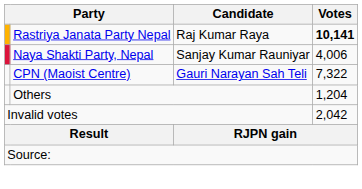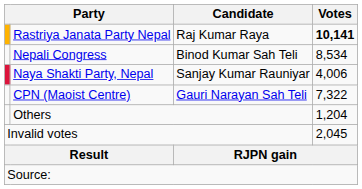 <table class="wikitable">
 <tr>
 <th colspan="2">Party</th>
 <th>Candidate</th>
 <th>Votes</th>
 </tr>
 <tr>
 <td style="background-color:#ffb300"></td>
 <td><a href='#'>Rastriya Janata Party Nepal</a></td>
 <td>Raj Kumar Raya</td>
 <td><strong>10,141</strong></td>
+</tr>
+<tr>
+<td style="background-color:"></td>
+<td><a href='#'>Nepali Congress</a></td>
+<td>Binod Kumar Sah Teli</td>
+<td>8,534</td>
 </tr>
 <tr>
 <td style="background-color:crimson"></td>
 <td><a href='#'>Naya Shakti Party, Nepal</a></td>
 <td>Sanjay Kumar Rauniyar</td>
 <td>4,006</td>
 </tr>
 <tr>
 <td style="background-color:"></td>
 <td><a href='#'>CPN (Maoist Centre)</a></td>
 <td><a href='#'>Gauri Narayan Sah Teli</a></td>
 <td>7,322</td>
 </tr>
 <tr>
 <td></td>
 <td colspan="2">Others</td>
 <td>1,204</td>
 </tr>
 <tr>
 <td colspan="3">Invalid votes</td>
-<td>2,042</td>
+<td>2,045</td>
 </tr>
 <tr>
 <th colspan="2">Result</th>
 <th colspan="2">RJPN gain</th>
 </tr>
 <tr>
 <td colspan="4">Source: </td>
 </tr>
 </table>
